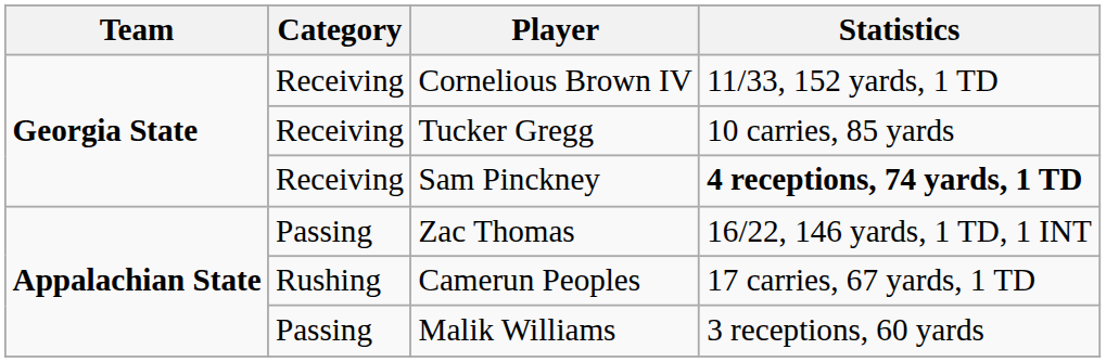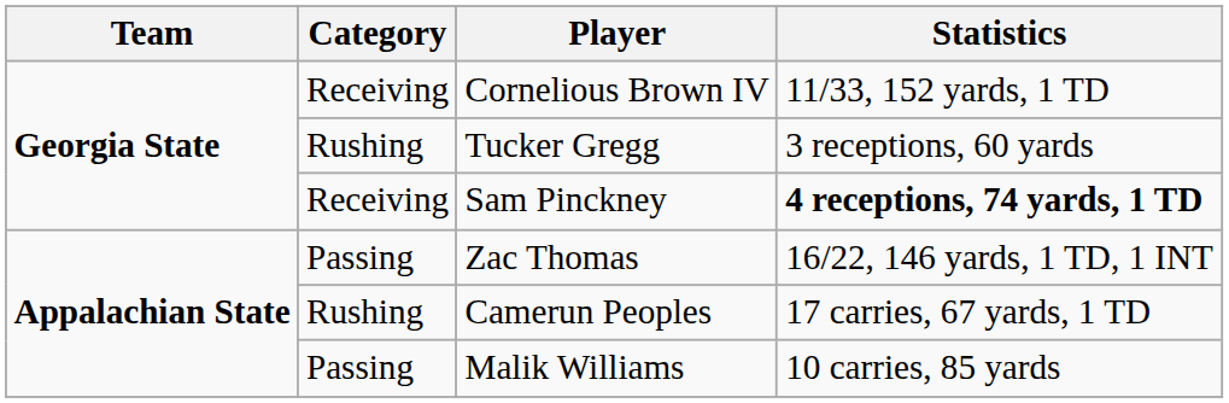 <table class="wikitable" style="float: left;">
 <tr>
 <th>Team</th>
 <th>Category</th>
 <th>Player</th>
 <th>Statistics</th>
 </tr>
 <tr>
 <td rowspan=3><strong>Georgia State</strong></td>
 <td>Receiving</td>
 <td>Cornelious Brown IV</td>
 <td>11/33, 152 yards, 1 TD</td>
 </tr>
 <tr>
-<td>Receiving</td>
+<td>Rushing</td>
 <td>Tucker Gregg</td>
-<td>10 carries, 85 yards</td>
+<td>3 receptions, 60 yards</td>
 </tr>
 <tr>
 <td>Receiving</td>
 <td>Sam Pinckney</td>
 <td><strong>4 receptions, 74 yards, 1 TD</strong></td>
 </tr>
 <tr>
 <td rowspan=3><strong>Appalachian State</strong></td>
 <td>Passing</td>
 <td>Zac Thomas</td>
 <td>16/22, 146 yards, 1 TD, 1 INT</td>
 </tr>
 <tr>
 <td>Rushing</td>
 <td>Camerun Peoples</td>
 <td>17 carries, 67 yards, 1 TD</td>
 </tr>
 <tr>
 <td>Passing</td>
 <td>Malik Williams</td>
-<td>3 receptions, 60 yards</td>
+<td>10 carries, 85 yards</td>
 </tr>
 </table>
